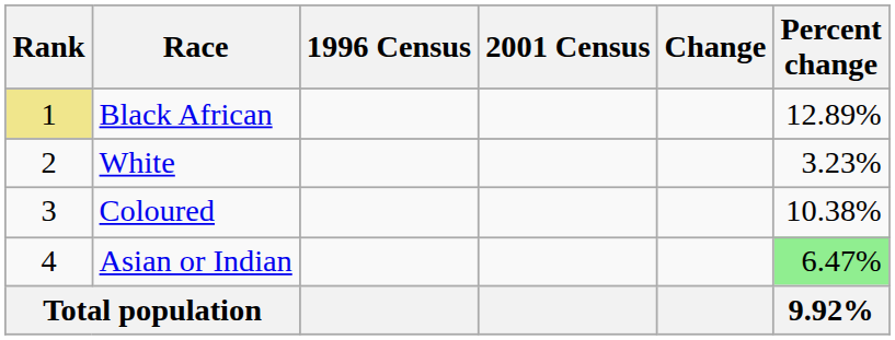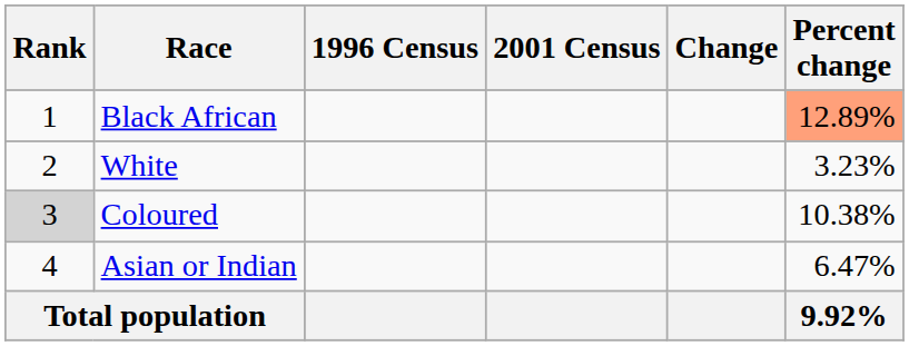 <table class="wikitable sortable" style="text-align: right;">
 <tr>
 <th data-sort-type="number">Rank</th>
 <th>Race</th>
 <th>1996 Census</th>
 <th>2001 Census</th>
 <th data-sort-type="number">Change</th>
 <th data-sort-type="number">Percent<br>change</th>
 </tr>
 <tr>
-<td style="background: khaki; text-align: center;">1 </td>
+<td style="text-align: center;">1 </td>
 <td style="text-align: left;"><a href='#'>Black African</a></td>
 <td></td>
 <td></td>
 <td> </td>
-<td>12.89% </td>
+<td style="background: lightsalmon;">12.89% </td>
 </tr>
 <tr>
 <td style="text-align: center;">2 </td>
 <td style="text-align: left;"><a href='#'>White</a></td>
 <td></td>
 <td></td>
 <td> </td>
 <td>3.23% </td>
 </tr>
 <tr>
-<td style="text-align: center;">3 </td>
+<td style="background: lightgrey; text-align: center;">3 </td>
 <td style="text-align: left;"><a href='#'>Coloured</a></td>
 <td></td>
 <td></td>
 <td> </td>
 <td>10.38% </td>
 </tr>
 <tr>
 <td style="text-align: center;">4 </td>
 <td style="text-align: left;"><a href='#'>Asian or Indian</a></td>
 <td></td>
 <td></td>
 <td> </td>
-<td style="background: lightgreen;">6.47% </td>
+<td>6.47% </td>
 </tr>
 <tr>
 <th colspan=2>Total population</th>
 <th></th>
 <th></th>
 <th> </th>
 <th>9.92% </th>
 </tr>
 </table>
